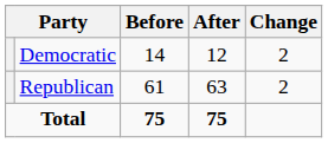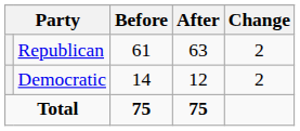 <table class="wikitable" style="text-align:center;">
 <tr>
 </tr>
 <tr>
 <th colspan=2>Party</th>
 <th>Before</th>
 <th>After</th>
 <th>Change</th>
 </tr>
 <tr>
 <th style="background-color:"></th>
-<td style="text-align:left;"><a href='#'>Democratic</a></td>
-<td>14</td>
-<td>12</td>
+<td style="text-align:left;"><a href='#'>Republican</a></td>
+<td>61</td>
+<td>63</td>
 <td> 2</td>
 </tr>
 <tr>
 <th style="background-color:"></th>
-<td style="text-align:left;"><a href='#'>Republican</a></td>
-<td>61</td>
-<td>63</td>
+<td style="text-align:left;"><a href='#'>Democratic</a></td>
+<td>14</td>
+<td>12</td>
 <td> 2</td>
 </tr>
 <tr>
 <td colspan=2><strong>Total</strong></td>
 <td><strong>75</strong></td>
 <td><strong>75</strong></td>
 <td></td>
 </tr>
 </table>
